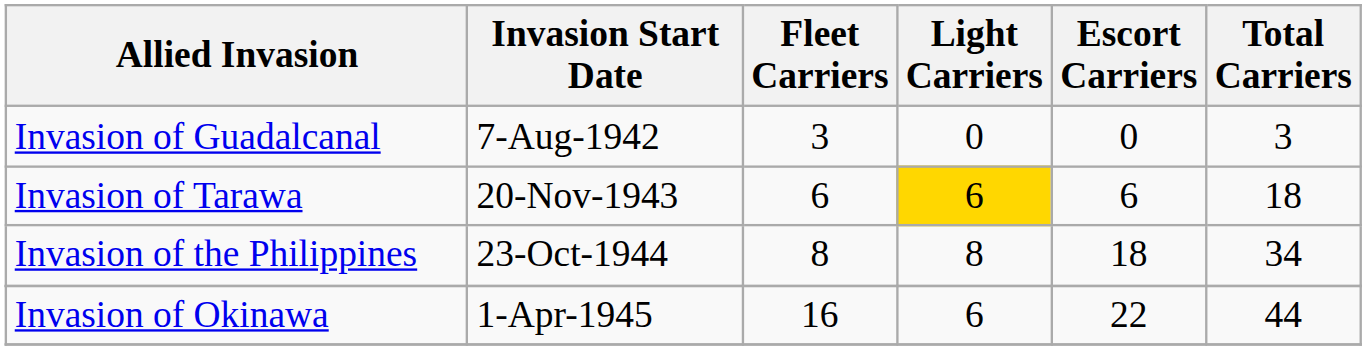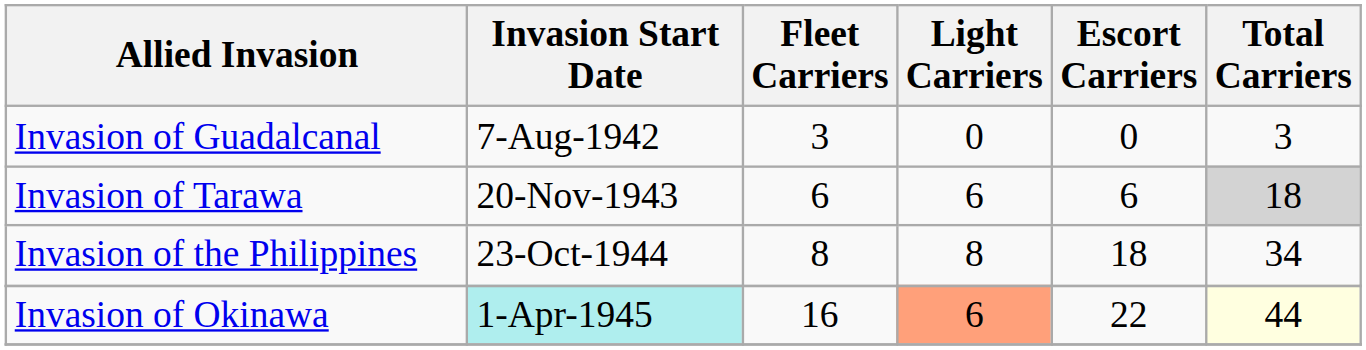 <table class="wikitable" style="margin-left: auto; margin-right: auto;">
 <tr>
 <th scope="col" width="190px">Allied Invasion</th>
 <th scope="col" width="110px">Invasion Start Date</th>
 <th scope="col" width="50px">Fleet Carriers</th>
 <th scope="col" width="50px">Light Carriers</th>
 <th scope="col" width="50px">Escort Carriers</th>
 <th scope="col" width="50px">Total Carriers</th>
 </tr>
 <tr>
 <td><a href='#'>Invasion of Guadalcanal</a></td>
 <td>7-Aug-1942</td>
 <td align="center">3</td>
 <td align="center">0</td>
 <td align="center">0</td>
 <td align="center">3</td>
 </tr>
 <tr>
 <td><a href='#'>Invasion of Tarawa</a></td>
 <td>20-Nov-1943</td>
 <td align="center">6</td>
-<td align="center" style="background: gold;">6</td>
 <td align="center">6</td>
-<td align="center">18</td>
+<td align="center">6</td>
+<td align="center" style="background: lightgrey;">18</td>
 </tr>
 <tr>
 <td><a href='#'>Invasion of the Philippines</a></td>
 <td>23-Oct-1944</td>
 <td align="center">8</td>
 <td align="center">8</td>
 <td align="center">18</td>
 <td align="center">34</td>
 </tr>
 <tr>
 </tr>
 <tr>
 <td><a href='#'>Invasion of Okinawa</a></td>
-<td>1-Apr-1945</td>
+<td style="background: paleturquoise;">1-Apr-1945</td>
 <td align="center">16</td>
-<td align="center">6</td>
+<td align="center" style="background: lightsalmon;">6</td>
 <td align="center">22</td>
-<td align="center">44</td>
+<td align="center" style="background: lightyellow;">44</td>
 </tr>
 <tr>
 </tr>
 </table>
